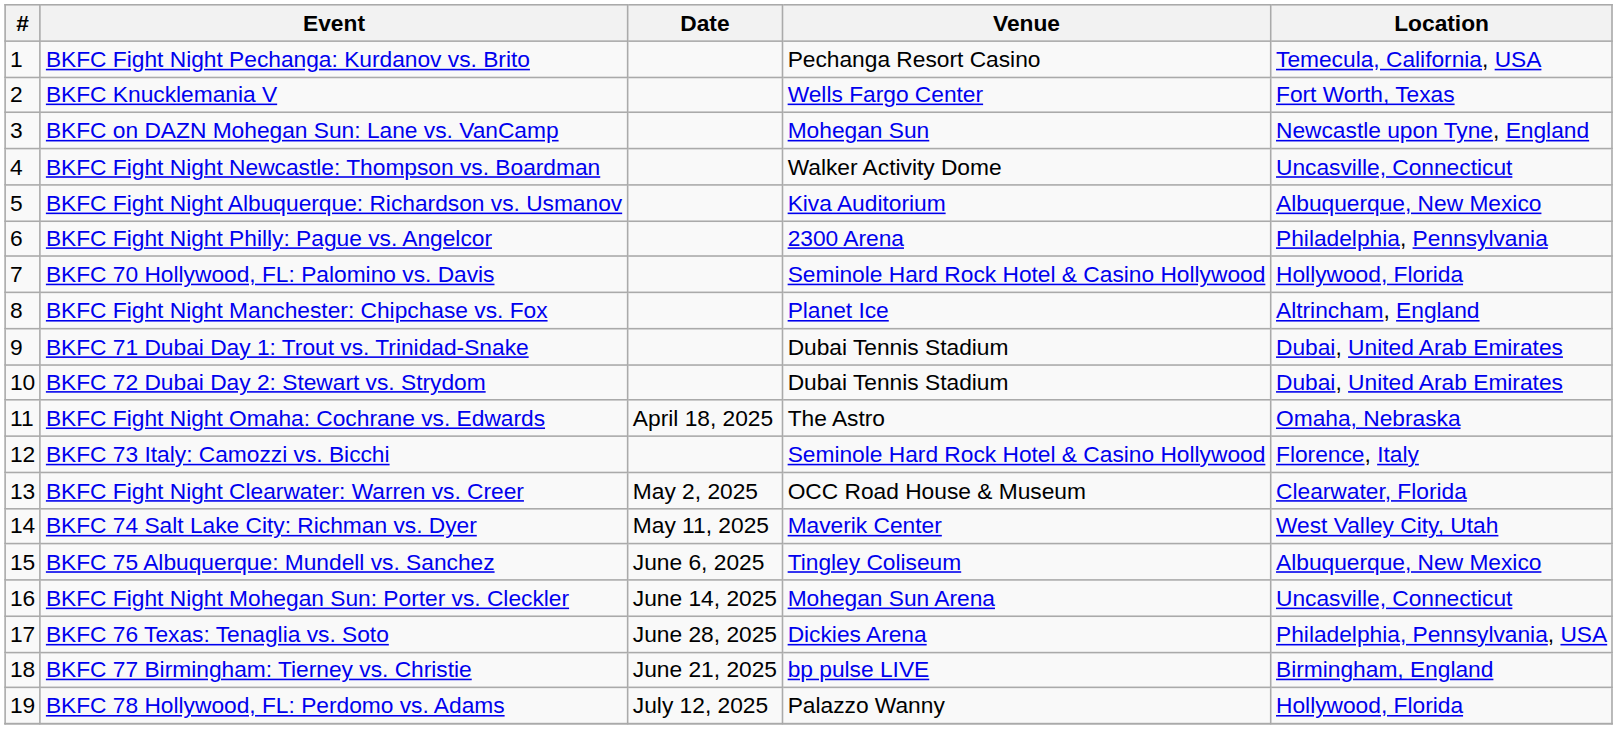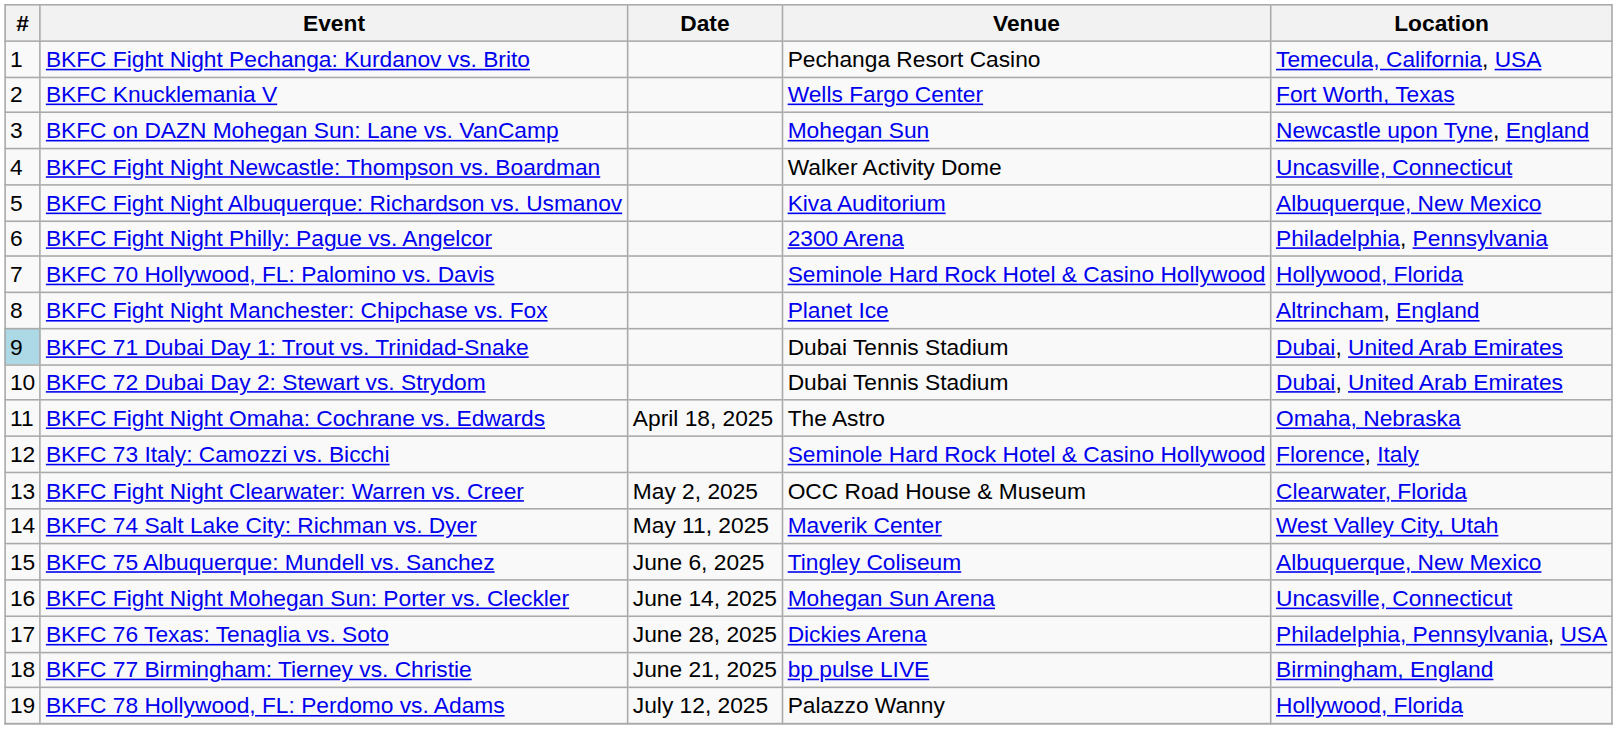 <table class="sortable wikitable succession-box" style="margin:1.0em auto; font-size:90%;">
 <tr>
 <th scope="col">#</th>
 <th scope="col">Event</th>
 <th scope="col">Date</th>
 <th scope="col">Venue</th>
 <th scope="col">Location</th>
 </tr>
 <tr>
 <td>1</td>
 <td><a href='#'>BKFC Fight Night Pechanga: Kurdanov vs. Brito</a></td>
 <td></td>
 <td>Pechanga Resort Casino</td>
 <td> <a href='#'>Temecula, California</a>, <a href='#'>USA</a></td>
 </tr>
 <tr>
 <td>2</td>
 <td><a href='#'>BKFC Knucklemania V</a></td>
 <td></td>
 <td><a href='#'>Wells Fargo Center</a></td>
 <td> <a href='#'>Fort Worth, Texas</a></td>
 </tr>
 <tr>
 <td>3</td>
 <td><a href='#'>BKFC on DAZN Mohegan Sun: Lane vs. VanCamp</a></td>
 <td></td>
 <td><a href='#'>Mohegan Sun</a></td>
 <td> <a href='#'>Newcastle upon Tyne</a>, <a href='#'>England</a></td>
 </tr>
 <tr>
 <td>4</td>
 <td><a href='#'>BKFC Fight Night Newcastle: Thompson vs. Boardman</a></td>
 <td></td>
 <td>Walker Activity Dome</td>
 <td> <a href='#'>Uncasville, Connecticut</a></td>
 </tr>
 <tr>
 <td>5</td>
 <td><a href='#'>BKFC Fight Night Albuquerque: Richardson vs. Usmanov</a></td>
 <td></td>
 <td><a href='#'>Kiva Auditorium</a></td>
 <td> <a href='#'>Albuquerque, New Mexico</a></td>
 </tr>
 <tr>
 <td>6</td>
 <td><a href='#'>BKFC Fight Night Philly: Pague vs. Angelcor</a></td>
 <td></td>
 <td><a href='#'>2300 Arena</a></td>
 <td> <a href='#'>Philadelphia</a>, <a href='#'>Pennsylvania</a></td>
 </tr>
 <tr>
 <td>7</td>
 <td><a href='#'>BKFC 70 Hollywood, FL: Palomino vs. Davis</a></td>
 <td></td>
 <td><a href='#'>Seminole Hard Rock Hotel & Casino Hollywood</a></td>
 <td> <a href='#'>Hollywood, Florida</a></td>
 </tr>
 <tr>
 <td>8</td>
 <td><a href='#'>BKFC Fight Night Manchester: Chipchase vs. Fox</a></td>
 <td></td>
 <td><a href='#'>Planet Ice</a></td>
 <td> <a href='#'>Altrincham</a>, <a href='#'>England</a></td>
 </tr>
 <tr>
-<td>9</td>
+<td style="background: lightblue;">9</td>
 <td><a href='#'>BKFC 71 Dubai Day 1: Trout vs. Trinidad-Snake</a></td>
 <td></td>
 <td>Dubai Tennis Stadium</td>
 <td> <a href='#'>Dubai</a>, <a href='#'>United Arab Emirates</a></td>
 </tr>
 <tr>
 <td>10</td>
 <td><a href='#'>BKFC 72 Dubai Day 2: Stewart vs. Strydom</a></td>
 <td></td>
 <td>Dubai Tennis Stadium</td>
 <td> <a href='#'>Dubai</a>, <a href='#'>United Arab Emirates</a></td>
 </tr>
 <tr>
 <td>11</td>
 <td><a href='#'>BKFC Fight Night Omaha: Cochrane vs. Edwards</a></td>
 <td>April 18, 2025</td>
 <td>The Astro</td>
 <td> <a href='#'>Omaha, Nebraska</a></td>
 </tr>
 <tr>
 <td>12</td>
 <td><a href='#'>BKFC 73 Italy: Camozzi vs. Bicchi</a></td>
 <td></td>
 <td><a href='#'>Seminole Hard Rock Hotel & Casino Hollywood</a></td>
 <td> <a href='#'>Florence</a>, <a href='#'>Italy</a></td>
 </tr>
 <tr>
 <td>13</td>
 <td><a href='#'>BKFC Fight Night Clearwater: Warren vs. Creer</a></td>
 <td>May 2, 2025</td>
 <td>OCC Road House & Museum</td>
 <td> <a href='#'>Clearwater, Florida</a></td>
 </tr>
 <tr>
 <td>14</td>
 <td><a href='#'>BKFC 74 Salt Lake City: Richman vs. Dyer</a></td>
 <td>May 11, 2025</td>
 <td><a href='#'>Maverik Center</a></td>
 <td> <a href='#'>West Valley City, Utah</a></td>
 </tr>
 <tr>
 <td>15</td>
 <td><a href='#'>BKFC 75 Albuquerque: Mundell vs. Sanchez</a></td>
 <td>June 6, 2025</td>
 <td><a href='#'>Tingley Coliseum</a></td>
 <td> <a href='#'>Albuquerque, New Mexico</a></td>
 </tr>
 <tr>
 <td>16</td>
 <td><a href='#'>BKFC Fight Night Mohegan Sun: Porter vs. Cleckler</a></td>
 <td>June 14, 2025</td>
 <td><a href='#'>Mohegan Sun Arena</a></td>
 <td> <a href='#'>Uncasville, Connecticut</a></td>
 </tr>
 <tr>
 <td>17</td>
 <td><a href='#'>BKFC 76 Texas: Tenaglia vs. Soto</a></td>
 <td>June 28, 2025</td>
 <td><a href='#'>Dickies Arena</a></td>
 <td> <a href='#'>Philadelphia, Pennsylvania</a>, <a href='#'>USA</a></td>
 </tr>
 <tr>
 <td>18</td>
 <td><a href='#'>BKFC 77 Birmingham: Tierney vs. Christie</a></td>
 <td>June 21, 2025</td>
 <td><a href='#'>bp pulse LIVE</a></td>
 <td> <a href='#'>Birmingham, England</a></td>
 </tr>
 <tr>
 <td>19</td>
 <td><a href='#'>BKFC 78 Hollywood, FL: Perdomo vs. Adams</a></td>
 <td>July 12, 2025</td>
 <td>Palazzo Wanny</td>
 <td> <a href='#'>Hollywood, Florida</a></td>
 </tr>
 <tr>
 </tr>
 </table>
